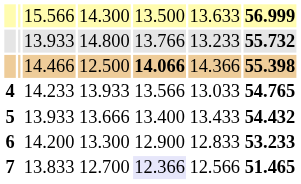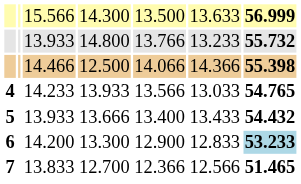 <table>
 <tr style="background:#fffcaf;">
 <th scope=row style="text-align:center"></th>
 <td align=left></td>
 <td>15.566</td>
 <td>14.300</td>
 <td>13.500</td>
 <td>13.633</td>
 <td><strong>56.999</strong></td>
 </tr>
 <tr style="background:#e5e5e5;">
 <th scope=row style="text-align:center"></th>
 <td align=left></td>
 <td>13.933</td>
 <td>14.800</td>
 <td>13.766</td>
 <td>13.233</td>
 <td><strong>55.732</strong></td>
 </tr>
 <tr style="background:#ec9;">
 <th scope=row style="text-align:center"></th>
 <td align=left></td>
 <td>14.466</td>
 <td>12.500</td>
-<td><strong>14.066</strong></td>
+<td>14.066</td>
 <td>14.366</td>
 <td><strong>55.398</strong></td>
 </tr>
 <tr>
 <th scope=row style="text-align:center">4</th>
 <td align=left></td>
 <td>14.233</td>
 <td>13.933</td>
 <td>13.566</td>
 <td>13.033</td>
 <td><strong>54.765</strong></td>
 </tr>
 <tr>
 <th scope=row style="text-align:center">5</th>
 <td align=left></td>
 <td>13.933</td>
 <td>13.666</td>
 <td>13.400</td>
 <td>13.433</td>
 <td><strong>54.432</strong></td>
 </tr>
 <tr>
 <th scope=row style="text-align:center">6</th>
 <td align=left></td>
 <td>14.200</td>
 <td>13.300</td>
 <td>12.900</td>
 <td>12.833</td>
-<td><strong>53.233</strong></td>
+<td style="background: lightblue;"><strong>53.233</strong></td>
 </tr>
 <tr>
 <th scope=row style="text-align:center">7</th>
 <td align=left></td>
 <td>13.833</td>
 <td>12.700</td>
-<td style="background: lavender;">12.366</td>
+<td>12.366</td>
 <td>12.566</td>
 <td><strong>51.465</strong></td>
 </tr>
 </table>
